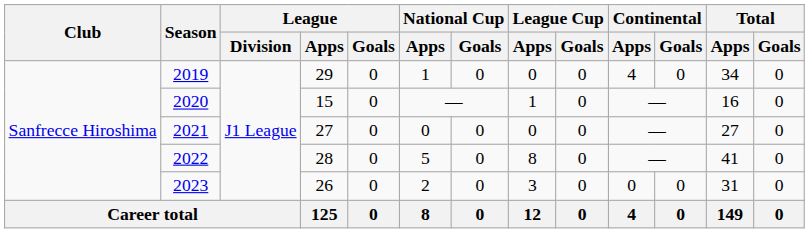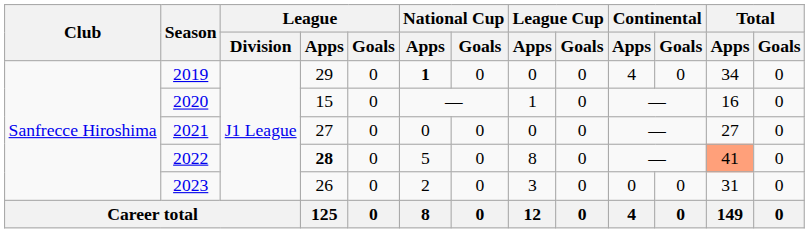 <table class="wikitable" style="text-align: center">
 <tr>
 <th rowspan="2">Club</th>
 <th rowspan="2">Season</th>
 <th colspan="3">League</th>
 <th colspan="2">National Cup</th>
 <th colspan="2">League Cup</th>
 <th colspan="2">Continental</th>
 <th colspan="2">Total</th>
 </tr>
 <tr>
 <th>Division</th>
 <th>Apps</th>
 <th>Goals</th>
 <th>Apps</th>
 <th>Goals</th>
 <th>Apps</th>
 <th>Goals</th>
 <th>Apps</th>
 <th>Goals</th>
 <th>Apps</th>
 <th>Goals</th>
 </tr>
 <tr>
 <td rowspan="5"><a href='#'>Sanfrecce Hiroshima</a></td>
 <td><a href='#'>2019</a></td>
 <td rowspan="5"><a href='#'>J1 League</a></td>
 <td>29</td>
 <td>0</td>
-<td>1</td>
+<td><strong>1</strong></td>
 <td>0</td>
 <td>0</td>
 <td>0</td>
 <td>4</td>
 <td>0</td>
 <td>34</td>
 <td>0</td>
 </tr>
 <tr>
 <td><a href='#'>2020</a></td>
 <td>15</td>
 <td>0</td>
 <td colspan="2">—</td>
 <td>1</td>
 <td>0</td>
 <td colspan="2">—</td>
 <td>16</td>
 <td>0</td>
 </tr>
 <tr>
 <td><a href='#'>2021</a></td>
 <td>27</td>
 <td>0</td>
 <td>0</td>
 <td>0</td>
 <td>0</td>
 <td>0</td>
 <td colspan="2">—</td>
 <td>27</td>
 <td>0</td>
 </tr>
 <tr>
 <td><a href='#'>2022</a></td>
-<td>28</td>
+<td><strong>28</strong></td>
 <td>0</td>
 <td>5</td>
 <td>0</td>
 <td>8</td>
 <td>0</td>
 <td colspan="2">—</td>
-<td>41</td>
+<td style="background: lightsalmon;">41</td>
 <td>0</td>
 </tr>
 <tr>
 <td><a href='#'>2023</a></td>
 <td>26</td>
 <td>0</td>
 <td>2</td>
 <td>0</td>
 <td>3</td>
 <td>0</td>
 <td>0</td>
 <td>0</td>
 <td>31</td>
 <td>0</td>
 </tr>
 <tr>
 <th colspan=3>Career total</th>
 <th>125</th>
 <th>0</th>
 <th>8</th>
 <th>0</th>
 <th>12</th>
 <th>0</th>
 <th>4</th>
 <th>0</th>
 <th>149</th>
 <th>0</th>
 </tr>
 </table>
